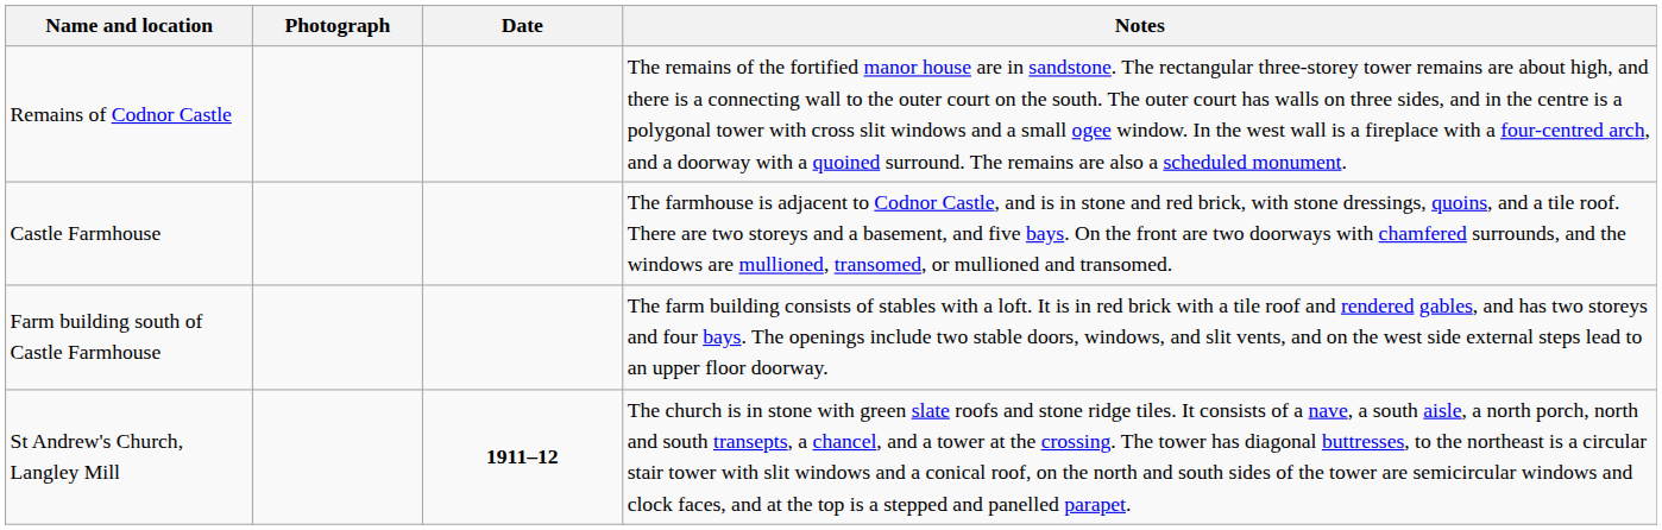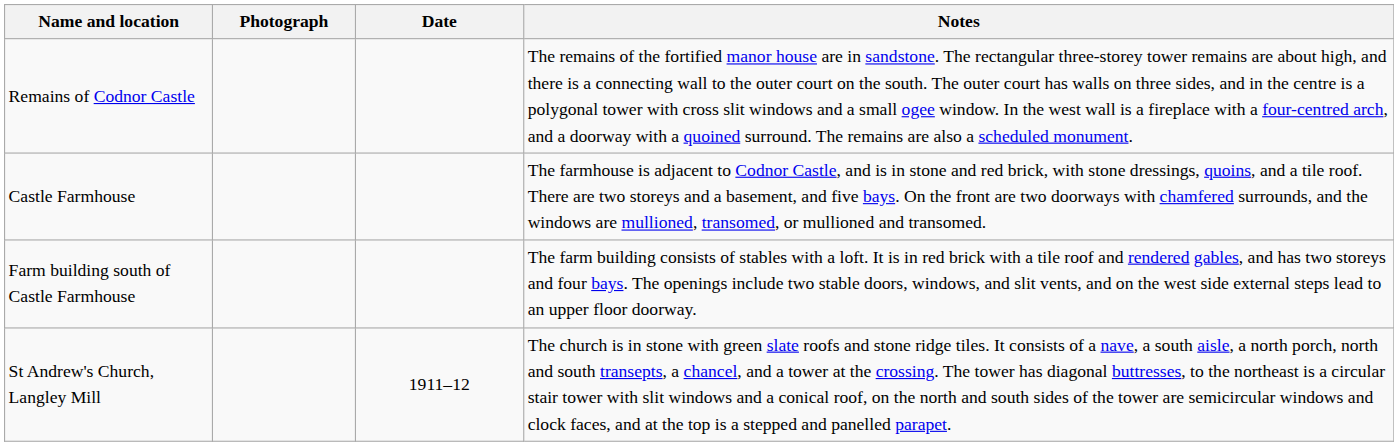 <table class="wikitable sortable plainrowheaders" style="width:100%;border:0px;text-align:left;line-height:150%;">
 <tr>
 <th scope="col"  style="width:150px">Name and location</th>
 <th scope="col"  style="width:100px" class="unsortable">Photograph</th>
 <th scope="col"  style="width:120px">Date</th>
 <th scope="col"  style="width:650px" class="unsortable">Notes</th>
 </tr>
 <tr>
 <td>Remains of <a href='#'>Codnor Castle</a><br><small></small></td>
 <td></td>
 <td align="center"></td>
 <td>The remains of the fortified <a href='#'>manor house</a> are in <a href='#'>sandstone</a>.  The rectangular three-storey tower remains are about  high, and there is a connecting wall to the outer court on the south.  The outer court has walls on three sides, and in the centre is a polygonal tower with cross slit windows and a small <a href='#'>ogee</a> window.  In the west wall is a fireplace with a <a href='#'>four-centred arch</a>, and a doorway with a <a href='#'>quoined</a> surround.  The remains are also a <a href='#'>scheduled monument</a>.</td>
 </tr>
 <tr>
 <td>Castle Farmhouse<br><small></small></td>
 <td></td>
 <td align="center"></td>
 <td>The farmhouse is adjacent to <a href='#'>Codnor Castle</a>, and is in stone and red brick, with stone dressings, <a href='#'>quoins</a>, and a tile roof.  There are two storeys and a basement, and five <a href='#'>bays</a>.  On the front are two doorways with <a href='#'>chamfered</a> surrounds, and the windows are <a href='#'>mullioned</a>, <a href='#'>transomed</a>, or mullioned and transomed.</td>
 </tr>
 <tr>
 <td>Farm building south of Castle Farmhouse<br><small></small></td>
 <td></td>
 <td align="center"></td>
 <td>The farm building consists of stables with a loft.  It is in red brick with a tile roof and <a href='#'>rendered</a> <a href='#'>gables</a>, and has two storeys and four <a href='#'>bays</a>.  The openings include two stable doors, windows, and slit vents, and on the west side external steps lead to an upper floor doorway.</td>
 </tr>
 <tr>
 <td>St Andrew's Church, Langley Mill<br><small></small></td>
 <td></td>
-<td align="center"><strong>1911–12</strong></td>
+<td align="center">1911–12</td>
 <td>The church is in stone with green <a href='#'>slate</a> roofs and stone ridge tiles.  It consists of a <a href='#'>nave</a>, a south <a href='#'>aisle</a>, a north porch, north and south <a href='#'>transepts</a>, a <a href='#'>chancel</a>, and a tower at the <a href='#'>crossing</a>.  The tower has diagonal <a href='#'>buttresses</a>, to the northeast is a circular stair tower with slit windows and a conical roof, on the north and south sides of the tower are semicircular windows and clock faces, and at the top is a stepped and panelled <a href='#'>parapet</a>.</td>
 </tr>
 <tr>
 </tr>
 </table>
